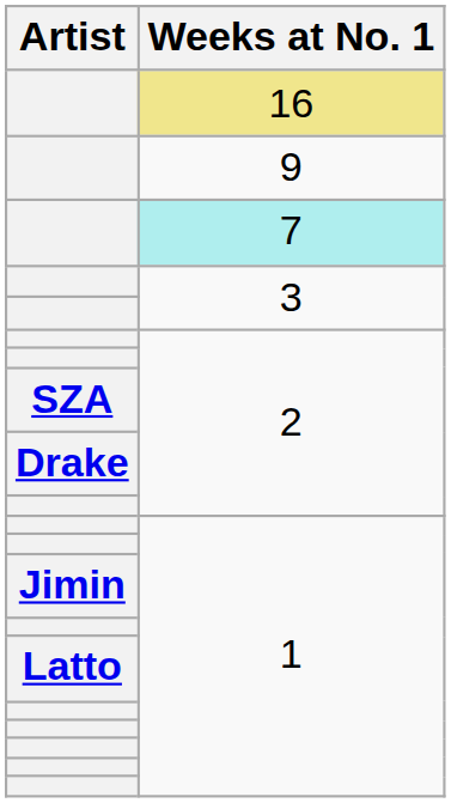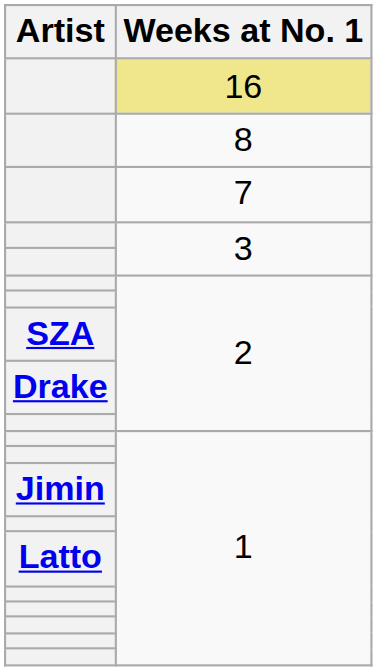 <table class="wikitable sortable plainrowheaders" style="text-align:center;">
 <tr>
 <th scope="col">Artist</th>
 <th scope="col">Weeks at No. 1</th>
 </tr>
 <tr>
 <th scope="row"></th>
 <td style="background: khaki;">16</td>
 </tr>
 <tr>
 <th scope="row"></th>
-<td>9</td>
+<td>8</td>
 </tr>
 <tr>
 <th scope="row"></th>
-<td style="background: paleturquoise;">7</td>
+<td>7</td>
 </tr>
 <tr>
 <th scope="row"></th>
 <td rowspan=2>3</td>
 </tr>
 <tr>
 <th scope="row"></th>
 </tr>
 <tr>
 <th scope="row"></th>
 <td rowspan=5>2</td>
 </tr>
 <tr>
 <th scope="row"></th>
 </tr>
 <tr>
 <th scope="row"><a href='#'>SZA</a></th>
 </tr>
 <tr>
 <th scope="row"><a href='#'>Drake</a></th>
 </tr>
 <tr>
 <th scope="row"></th>
 </tr>
 <tr>
 <th scope="row"></th>
 <td rowspan=10>1</td>
 </tr>
 <tr>
 <th scope="row"></th>
 </tr>
 <tr>
 <th scope="row"><a href='#'>Jimin</a></th>
 </tr>
 <tr>
 <th scope="row"></th>
 </tr>
 <tr>
 <th scope="row"><a href='#'>Latto</a></th>
 </tr>
 <tr>
 <th scope="row"></th>
 </tr>
 <tr>
 <th scope="row"></th>
 </tr>
 <tr>
 <th scope="row"></th>
 </tr>
 <tr>
 <th scope="row"></th>
 </tr>
 <tr>
 <th scope="row"></th>
 </tr>
 </table>
